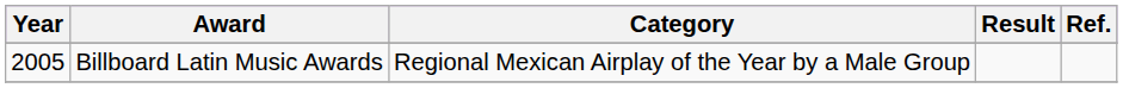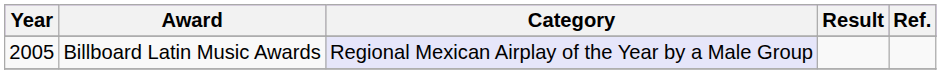 <table class="wikitable plainrowheaders" style="text-align:center;">
 <tr style="background:#96c;">
 <th scope="col">Year</th>
 <th scope="col">Award</th>
 <th scope="col">Category</th>
 <th scope="col">Result</th>
 <th scope="col">Ref.</th>
 </tr>
 <tr>
 </tr>
 <tr>
 <td rowspan="2">2005</td>
 <td rowspan="2">Billboard Latin Music Awards</td>
 </tr>
 <tr>
-<td>Regional Mexican Airplay of the Year by a Male Group</td>
+<td style="background: lavender;">Regional Mexican Airplay of the Year by a Male Group</td>
 <td></td>
 <td></td>
 </tr>
 <tr>
 </tr>
 <tr>
 </tr>
 </table>
